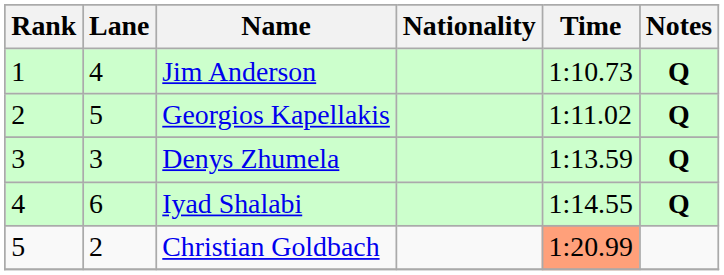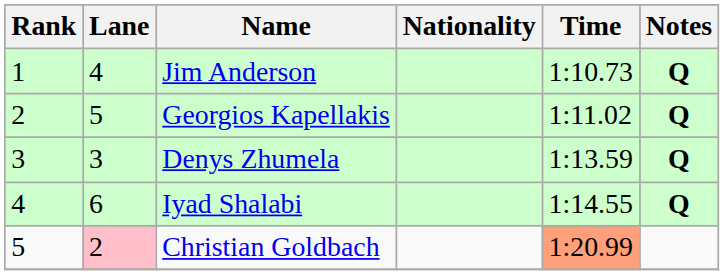 <table class="wikitable">
 <tr>
 <th>Rank</th>
 <th>Lane</th>
 <th>Name</th>
 <th>Nationality</th>
 <th>Time</th>
 <th>Notes</th>
 </tr>
 <tr style="background:#CCFFCC;">
 <td>1</td>
 <td>4</td>
 <td><a href='#'>Jim Anderson</a></td>
 <td></td>
 <td>1:10.73</td>
 <td style="text-align:center;"><strong>Q</strong></td>
 </tr>
 <tr style="background:#CCFFCC;">
 <td>2</td>
 <td>5</td>
 <td><a href='#'>Georgios Kapellakis</a></td>
 <td></td>
 <td>1:11.02</td>
 <td style="text-align:center;"><strong>Q</strong></td>
 </tr>
 <tr style="background:#CCFFCC;">
 <td>3</td>
 <td>3</td>
 <td><a href='#'>Denys Zhumela</a></td>
 <td></td>
 <td>1:13.59</td>
 <td style="text-align:center;"><strong>Q</strong></td>
 </tr>
 <tr style="background:#CCFFCC;">
 <td>4</td>
 <td>6</td>
 <td><a href='#'>Iyad Shalabi</a></td>
 <td></td>
 <td>1:14.55</td>
 <td style="text-align:center;"><strong>Q</strong></td>
 </tr>
 <tr>
 <td>5</td>
-<td>2</td>
+<td style="background: pink;">2</td>
 <td><a href='#'>Christian Goldbach</a></td>
 <td></td>
 <td style="background: lightsalmon;">1:20.99</td>
 <td></td>
 </tr>
 <tr>
 </tr>
 </table>
